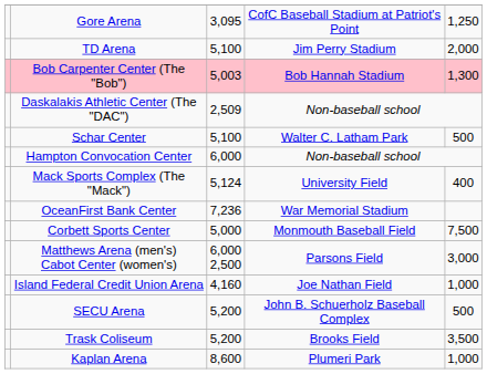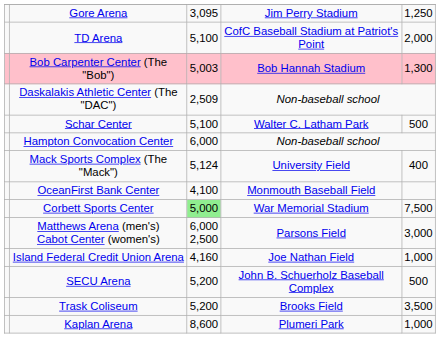 <table class="wikitable"  style="text-align:center;">
 <tr>
 </tr>
 <tr>
 <td style="text-align:center; "><a href='#'></a></td>
 <td><a href='#'>Gore Arena</a></td>
 <td>3,095</td>
-<td><a href='#'>CofC Baseball Stadium at Patriot's Point</a></td>
+<td><a href='#'>Jim Perry Stadium</a></td>
 <td>1,250</td>
 </tr>
 <tr>
 <td style="text-align:center; "><a href='#'></a></td>
 <td><a href='#'>TD Arena</a></td>
 <td>5,100</td>
-<td><a href='#'>Jim Perry Stadium</a></td>
+<td><a href='#'>CofC Baseball Stadium at Patriot's Point</a></td>
 <td>2,000</td>
 </tr>
 <tr bgcolor=pink>
 <td style="text-align:center; "><a href='#'></a></td>
 <td><a href='#'>Bob Carpenter Center</a> (The "Bob")</td>
 <td>5,003</td>
 <td><a href='#'>Bob Hannah Stadium</a></td>
 <td>1,300</td>
 </tr>
 <tr>
 <td style="text-align:center; "><a href='#'></a></td>
 <td><a href='#'>Daskalakis Athletic Center</a> (The "DAC")</td>
 <td>2,509</td>
 <td colspan=2 align=center><em>Non-baseball school</em></td>
 </tr>
 <tr>
 <td style="text-align:center; "><a href='#'></a></td>
 <td><a href='#'>Schar Center</a></td>
 <td>5,100</td>
 <td><a href='#'>Walter C. Latham Park</a></td>
 <td>500</td>
 </tr>
 <tr>
 <td style="text-align:center; "><a href='#'></a></td>
 <td><a href='#'>Hampton Convocation Center</a></td>
 <td>6,000</td>
 <td colspan=2 align=center><em>Non-baseball school</em></td>
 </tr>
 <tr>
 <td style="text-align:center; "><a href='#'></a></td>
 <td><a href='#'>Mack Sports Complex</a> (The "Mack")</td>
 <td>5,124</td>
 <td><a href='#'>University Field</a></td>
 <td>400</td>
 </tr>
 <tr>
 <td style="text-align:center; "><a href='#'></a></td>
 <td><a href='#'>OceanFirst Bank Center</a></td>
-<td>7,236</td>
-<td><a href='#'>War Memorial Stadium</a></td>
+<td>4,100</td>
+<td><a href='#'>Monmouth Baseball Field</a></td>
 <td></td>
 </tr>
 <tr>
 <td style="text-align:center; "><a href='#'></a></td>
 <td><a href='#'>Corbett Sports Center</a></td>
-<td>5,000</td>
-<td><a href='#'>Monmouth Baseball Field</a></td>
+<td style="background: lightgreen;">5,000</td>
+<td><a href='#'>War Memorial Stadium</a></td>
 <td>7,500</td>
 </tr>
 <tr>
 <td style="text-align:center; "><a href='#'></a></td>
 <td><a href='#'>Matthews Arena</a> (men's)<br><a href='#'>Cabot Center</a> (women's)</td>
 <td>6,000<br>2,500</td>
 <td><a href='#'>Parsons Field</a></td>
 <td>3,000</td>
 </tr>
 <tr>
 <td style="text-align:center; "><a href='#'></a></td>
 <td><a href='#'>Island Federal Credit Union Arena</a></td>
 <td>4,160</td>
 <td><a href='#'>Joe Nathan Field</a></td>
 <td>1,000</td>
 </tr>
 <tr>
 <td style="text-align:center; "><a href='#'></a></td>
 <td><a href='#'>SECU Arena</a></td>
 <td>5,200</td>
 <td><a href='#'>John B. Schuerholz Baseball Complex</a></td>
 <td>500</td>
 </tr>
 <tr>
 <td style="text-align:center; "><a href='#'></a></td>
 <td><a href='#'>Trask Coliseum</a></td>
 <td>5,200</td>
 <td><a href='#'>Brooks Field</a></td>
 <td>3,500</td>
 </tr>
 <tr>
 <td style="text-align:center; "><a href='#'></a></td>
 <td><a href='#'>Kaplan Arena</a></td>
 <td>8,600</td>
 <td><a href='#'>Plumeri Park</a></td>
 <td>1,000</td>
 </tr>
 </table>
